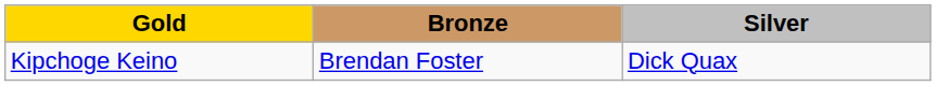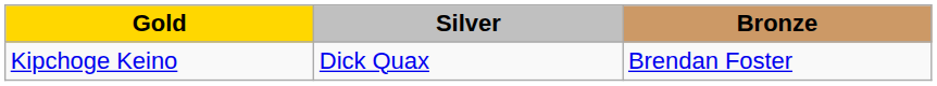 <table class="wikitable">
 <tr>
 <th scope=col style="background-color:gold; width:200px;">Gold</th>
+<th scope=col style="background-color:silver; width:200px;">Silver</th>
 <th scope=col style="background-color:#cc9966; width:200px;">Bronze</th>
-<th scope=col style="background-color:silver; width:200px;">Silver</th>
 </tr>
 <tr>
 <td><a href='#'>Kipchoge Keino</a><br><em></em></td>
+<td><a href='#'>Dick Quax</a><br><em></em></td>
 <td><a href='#'>Brendan Foster</a><br><em></em></td>
-<td><a href='#'>Dick Quax</a><br><em></em></td>
 </tr>
 </table>
